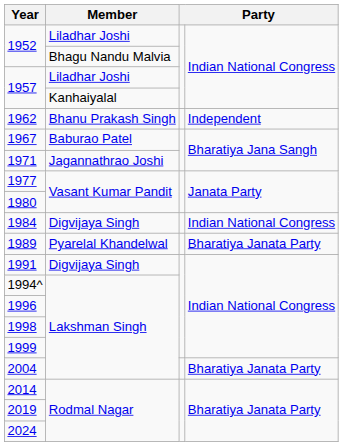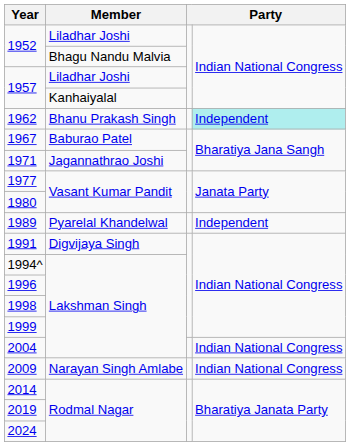 <table class="wikitable">
 <tr>
 <th>Year</th>
 <th>Member</th>
 <th colspan="2">Party</th>
 </tr>
 <tr>
 <td rowspan="2"><a href='#'>1952</a></td>
 <td><a href='#'>Liladhar Joshi</a></td>
 <td rowspan="4" style="background-color: "></td>
 <td rowspan="4"><a href='#'>Indian National Congress</a></td>
 </tr>
 <tr>
 <td>Bhagu Nandu Malvia</td>
 </tr>
 <tr>
 <td rowspan="2"><a href='#'>1957</a></td>
 <td><a href='#'>Liladhar Joshi</a></td>
 </tr>
 <tr>
 <td>Kanhaiyalal</td>
 </tr>
 <tr>
 <td><a href='#'>1962</a></td>
 <td><a href='#'>Bhanu Prakash Singh</a></td>
 <td style="background-color: "></td>
-<td><a href='#'>Independent</a></td>
+<td style="background: paleturquoise;"><a href='#'>Independent</a></td>
 </tr>
 <tr>
 <td><a href='#'>1967</a></td>
 <td><a href='#'>Baburao Patel</a></td>
 <td rowspan="2" style="background-color: "></td>
 <td rowspan="2"><a href='#'>Bharatiya Jana Sangh</a></td>
 </tr>
 <tr>
 <td><a href='#'>1971</a></td>
 <td><a href='#'>Jagannathrao Joshi</a></td>
 </tr>
 <tr>
 <td><a href='#'>1977</a></td>
 <td rowspan="2"><a href='#'>Vasant Kumar Pandit</a></td>
 <td rowspan="2" style="background-color: "></td>
 <td rowspan="2"><a href='#'>Janata Party</a></td>
 </tr>
 <tr>
 <td><a href='#'>1980</a></td>
 </tr>
 <tr>
-<td><a href='#'>1984</a></td>
-<td><a href='#'>Digvijaya Singh</a></td>
-<td style="background-color: "></td>
-<td><a href='#'>Indian National Congress</a></td>
-</tr>
-<tr>
 <td><a href='#'>1989</a></td>
 <td><a href='#'>Pyarelal Khandelwal</a></td>
 <td style="background-color: "></td>
-<td><a href='#'>Bharatiya Janata Party</a></td>
+<td><a href='#'>Independent</a></td>
 </tr>
 <tr>
 <td><a href='#'>1991</a></td>
 <td><a href='#'>Digvijaya Singh</a></td>
 <td rowspan="5" style="background-color: "></td>
 <td rowspan="5"><a href='#'>Indian National Congress</a></td>
 </tr>
 <tr>
 <td>1994^</td>
 <td rowspan="5"><a href='#'>Lakshman Singh</a></td>
 </tr>
 <tr>
 <td><a href='#'>1996</a></td>
 </tr>
 <tr>
 <td><a href='#'>1998</a></td>
 </tr>
 <tr>
 <td><a href='#'>1999</a></td>
 </tr>
 <tr>
 <td><a href='#'>2004</a></td>
 <td style="background-color: "></td>
-<td><a href='#'>Bharatiya Janata Party</a></td>
+<td><a href='#'>Indian National Congress</a></td>
+</tr>
+<tr>
+<td><a href='#'>2009</a></td>
+<td><a href='#'>Narayan Singh Amlabe</a></td>
+<td style="background-color: "></td>
+<td><a href='#'>Indian National Congress</a></td>
 </tr>
 <tr>
 <td><a href='#'>2014</a></td>
 <td rowspan="3"><a href='#'>Rodmal Nagar</a></td>
 <td rowspan="3" style="background-color: "></td>
 <td rowspan="3"><a href='#'>Bharatiya Janata Party</a></td>
 </tr>
 <tr>
 <td><a href='#'>2019</a></td>
 </tr>
 <tr>
 <td><a href='#'>2024</a></td>
 </tr>
 </table>
